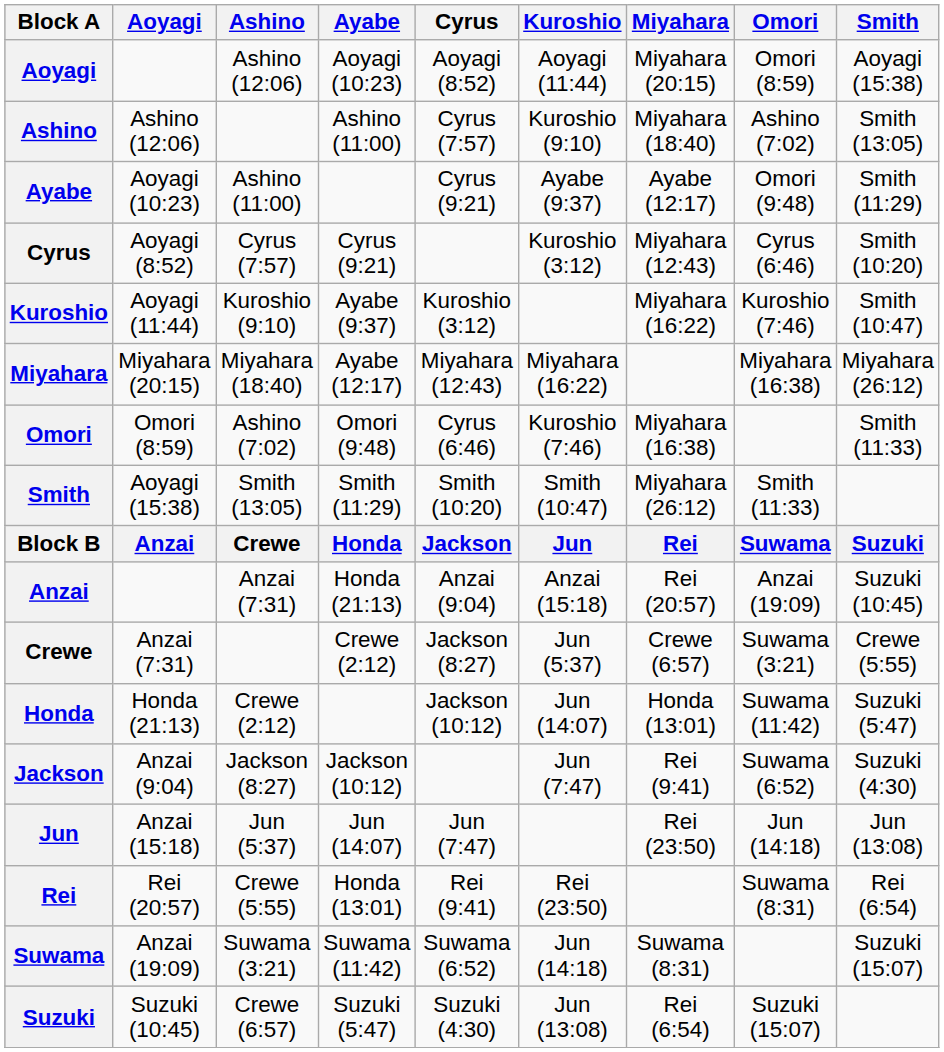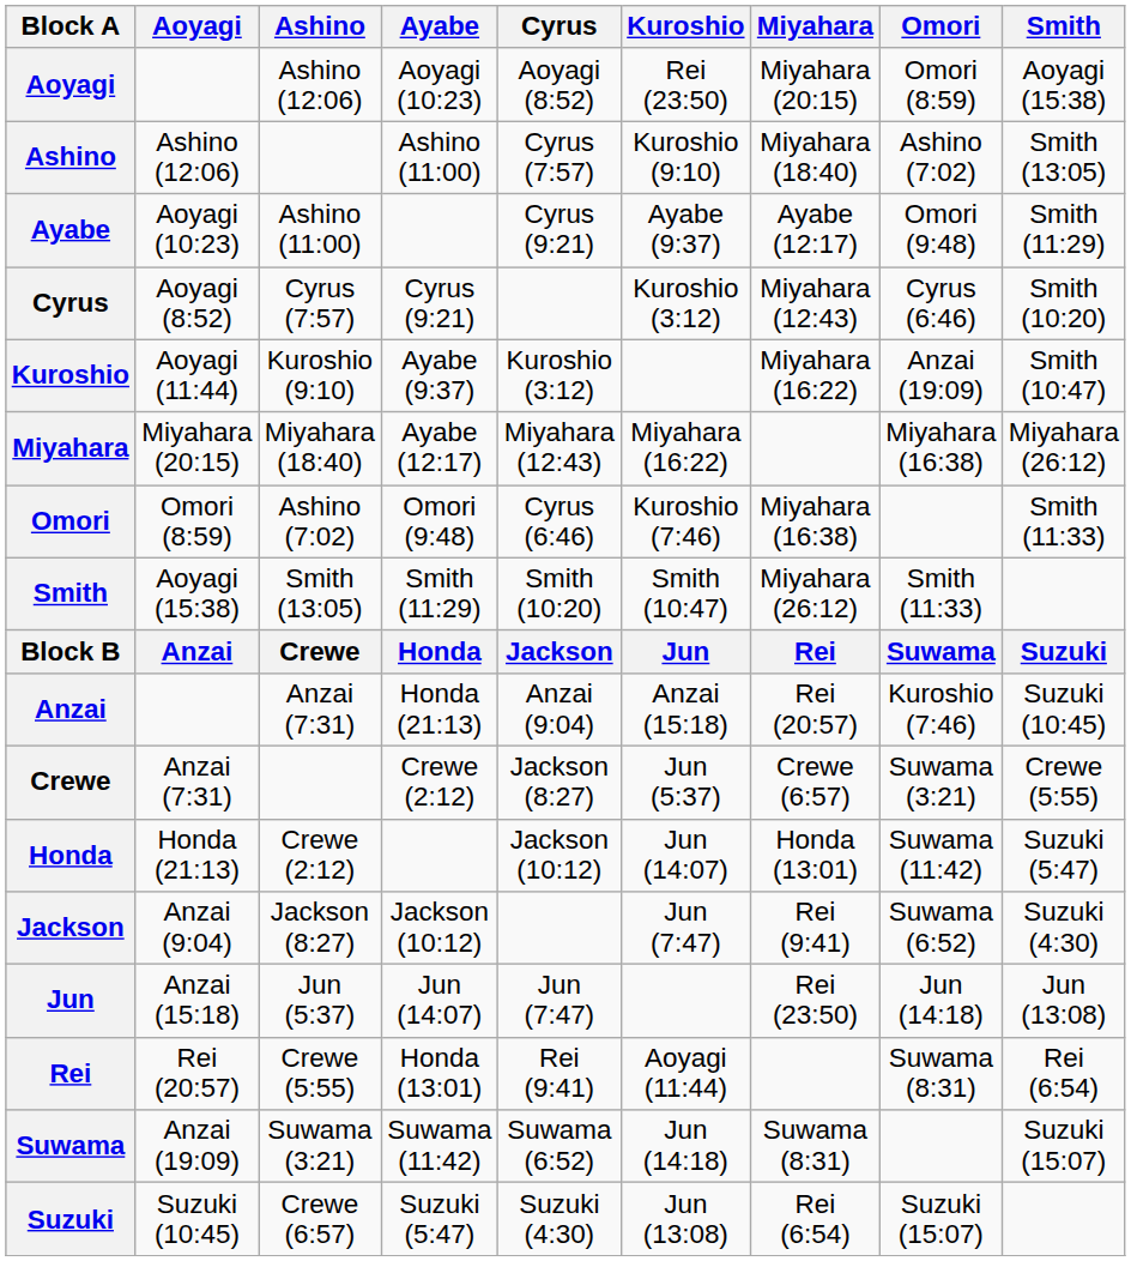 <table class="wikitable" style="margin: 1em auto 1em auto; text-align:center;">
 <tr>
 <th>Block A</th>
 <th><a href='#'>Aoyagi</a></th>
 <th><a href='#'>Ashino</a></th>
 <th><a href='#'>Ayabe</a></th>
 <th>Cyrus</th>
 <th><a href='#'>Kuroshio</a></th>
 <th><a href='#'>Miyahara</a></th>
 <th><a href='#'>Omori</a></th>
 <th><a href='#'>Smith</a></th>
 </tr>
 <tr>
 <th><a href='#'>Aoyagi</a></th>
 <td></td>
 <td>Ashino<br>(12:06)</td>
 <td>Aoyagi<br>(10:23)</td>
 <td>Aoyagi<br>(8:52)</td>
-<td>Aoyagi<br>(11:44)</td>
+<td>Rei<br>(23:50)</td>
 <td>Miyahara<br>(20:15)</td>
 <td>Omori<br>(8:59)</td>
 <td>Aoyagi<br>(15:38)</td>
 </tr>
 <tr>
 <th><a href='#'>Ashino</a></th>
 <td>Ashino<br>(12:06)</td>
 <td></td>
 <td>Ashino<br>(11:00)</td>
 <td>Cyrus<br>(7:57)</td>
 <td>Kuroshio<br>(9:10)</td>
 <td>Miyahara<br>(18:40)</td>
 <td>Ashino<br>(7:02)</td>
 <td>Smith<br>(13:05)</td>
 </tr>
 <tr>
 <th><a href='#'>Ayabe</a></th>
 <td>Aoyagi<br>(10:23)</td>
 <td>Ashino<br>(11:00)</td>
 <td></td>
 <td>Cyrus<br>(9:21)</td>
 <td>Ayabe<br>(9:37)</td>
 <td>Ayabe<br>(12:17)</td>
 <td>Omori<br>(9:48)</td>
 <td>Smith<br>(11:29)</td>
 </tr>
 <tr>
 <th>Cyrus</th>
 <td>Aoyagi<br>(8:52)</td>
 <td>Cyrus<br>(7:57)</td>
 <td>Cyrus<br>(9:21)</td>
 <td></td>
 <td>Kuroshio<br>(3:12)</td>
 <td>Miyahara<br>(12:43)</td>
 <td>Cyrus<br>(6:46)</td>
 <td>Smith<br>(10:20)</td>
 </tr>
 <tr>
 <th><a href='#'>Kuroshio</a></th>
 <td>Aoyagi<br>(11:44)</td>
 <td>Kuroshio<br>(9:10)</td>
 <td>Ayabe<br>(9:37)</td>
 <td>Kuroshio<br>(3:12)</td>
 <td></td>
 <td>Miyahara<br>(16:22)</td>
-<td>Kuroshio<br>(7:46)</td>
+<td>Anzai<br>(19:09)</td>
 <td>Smith<br>(10:47)</td>
 </tr>
 <tr>
 <th><a href='#'>Miyahara</a></th>
 <td>Miyahara<br>(20:15)</td>
 <td>Miyahara<br>(18:40)</td>
 <td>Ayabe<br>(12:17)</td>
 <td>Miyahara<br>(12:43)</td>
 <td>Miyahara<br>(16:22)</td>
 <td></td>
 <td>Miyahara<br>(16:38)</td>
 <td>Miyahara<br>(26:12)</td>
 </tr>
 <tr>
 <th><a href='#'>Omori</a></th>
 <td>Omori<br>(8:59)</td>
 <td>Ashino<br>(7:02)</td>
 <td>Omori<br>(9:48)</td>
 <td>Cyrus<br>(6:46)</td>
 <td>Kuroshio<br>(7:46)</td>
 <td>Miyahara<br>(16:38)</td>
 <td></td>
 <td>Smith<br>(11:33)</td>
 </tr>
 <tr>
 <th><a href='#'>Smith</a></th>
 <td>Aoyagi<br>(15:38)</td>
 <td>Smith<br>(13:05)</td>
 <td>Smith<br>(11:29)</td>
 <td>Smith<br>(10:20)</td>
 <td>Smith<br>(10:47)</td>
 <td>Miyahara<br>(26:12)</td>
 <td>Smith<br>(11:33)</td>
 <td></td>
 </tr>
 <tr>
 <th>Block B</th>
 <th><a href='#'>Anzai</a></th>
 <th>Crewe</th>
 <th><a href='#'>Honda</a></th>
 <th><a href='#'>Jackson</a></th>
 <th><a href='#'>Jun</a></th>
 <th><a href='#'>Rei</a></th>
 <th><a href='#'>Suwama</a></th>
 <th><a href='#'>Suzuki</a></th>
 </tr>
 <tr>
 <th><a href='#'>Anzai</a></th>
 <td></td>
 <td>Anzai<br>(7:31)</td>
 <td>Honda<br>(21:13)</td>
 <td>Anzai<br>(9:04)</td>
 <td>Anzai<br>(15:18)</td>
 <td>Rei<br>(20:57)</td>
-<td>Anzai<br>(19:09)</td>
+<td>Kuroshio<br>(7:46)</td>
 <td>Suzuki<br>(10:45)</td>
 </tr>
 <tr>
 <th>Crewe</th>
 <td>Anzai<br>(7:31)</td>
 <td></td>
 <td>Crewe<br>(2:12)</td>
 <td>Jackson<br>(8:27)</td>
 <td>Jun<br>(5:37)</td>
 <td>Crewe<br>(6:57)</td>
 <td>Suwama<br>(3:21)</td>
 <td>Crewe<br>(5:55)</td>
 </tr>
 <tr>
 <th><a href='#'>Honda</a></th>
 <td>Honda<br>(21:13)</td>
 <td>Crewe<br>(2:12)</td>
 <td></td>
 <td>Jackson<br>(10:12)</td>
 <td>Jun<br>(14:07)</td>
 <td>Honda<br>(13:01)</td>
 <td>Suwama<br>(11:42)</td>
 <td>Suzuki<br>(5:47)</td>
 </tr>
 <tr>
 <th><a href='#'>Jackson</a></th>
 <td>Anzai<br>(9:04)</td>
 <td>Jackson<br>(8:27)</td>
 <td>Jackson<br>(10:12)</td>
 <td></td>
 <td>Jun<br>(7:47)</td>
 <td>Rei<br>(9:41)</td>
 <td>Suwama<br>(6:52)</td>
 <td>Suzuki<br>(4:30)</td>
 </tr>
 <tr>
 <th><a href='#'>Jun</a></th>
 <td>Anzai<br>(15:18)</td>
 <td>Jun<br>(5:37)</td>
 <td>Jun<br>(14:07)</td>
 <td>Jun<br>(7:47)</td>
 <td></td>
 <td>Rei<br>(23:50)</td>
 <td>Jun<br>(14:18)</td>
 <td>Jun<br>(13:08)</td>
 </tr>
 <tr>
 <th><a href='#'>Rei</a></th>
 <td>Rei<br>(20:57)</td>
 <td>Crewe<br>(5:55)</td>
 <td>Honda<br>(13:01)</td>
 <td>Rei<br>(9:41)</td>
-<td>Rei<br>(23:50)</td>
+<td>Aoyagi<br>(11:44)</td>
 <td></td>
 <td>Suwama<br>(8:31)</td>
 <td>Rei<br>(6:54)</td>
 </tr>
 <tr>
 <th><a href='#'>Suwama</a></th>
 <td>Anzai<br>(19:09)</td>
 <td>Suwama<br>(3:21)</td>
 <td>Suwama<br>(11:42)</td>
 <td>Suwama<br>(6:52)</td>
 <td>Jun<br>(14:18)</td>
 <td>Suwama<br>(8:31)</td>
 <td></td>
 <td>Suzuki<br>(15:07)</td>
 </tr>
 <tr>
 <th><a href='#'>Suzuki</a></th>
 <td>Suzuki<br>(10:45)</td>
 <td>Crewe<br>(6:57)</td>
 <td>Suzuki<br>(5:47)</td>
 <td>Suzuki<br>(4:30)</td>
 <td>Jun<br>(13:08)</td>
 <td>Rei<br>(6:54)</td>
 <td>Suzuki<br>(15:07)</td>
 <td></td>
 </tr>
 <tr>
 </tr>
 </table>
